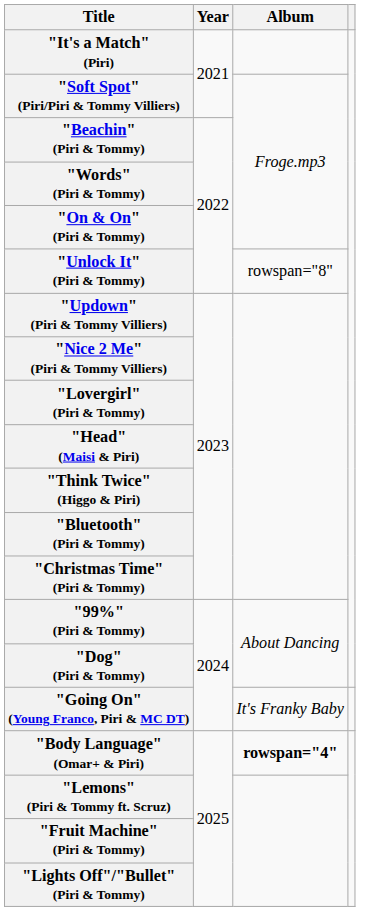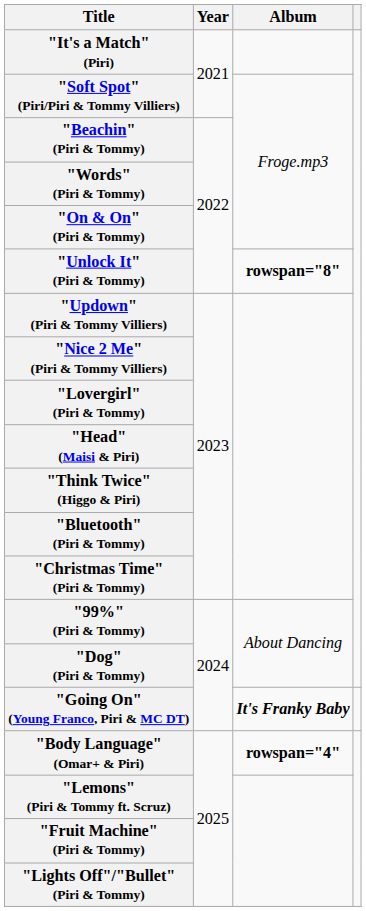 <table class="wikitable plainrowheaders" style="text-align:center;">
 <tr>
 <th scope="col">Title</th>
 <th scope="col">Year</th>
 <th scope="col">Album</th>
 <th scope="col"></th>
 </tr>
 <tr>
 <th scope="row">"It's a Match"<br><small>(Piri)</small></th>
 <td rowspan="2">2021</td>
 <td></td>
 <td rowspan="15"></td>
 </tr>
 <tr>
 <th scope="row">"<a href='#'>Soft Spot</a>"<br><small>(Piri/Piri & Tommy Villiers)</small></th>
 <td rowspan="4"><em>Froge.mp3</em></td>
 </tr>
 <tr>
 <th scope="row">"<a href='#'>Beachin</a>"<br><small>(Piri & Tommy)</small></th>
 <td rowspan="4">2022</td>
 </tr>
 <tr>
 <th scope="row">"Words"<br><small>(Piri & Tommy)</small></th>
 </tr>
 <tr>
 <th scope="row">"<a href='#'>On & On</a>"<br><small>(Piri & Tommy)</small></th>
 </tr>
 <tr>
 <th scope="row">"<a href='#'>Unlock It</a>"<br><small>(Piri & Tommy)</small></th>
-<td>rowspan="8" </td>
+<td><strong>rowspan="8" </strong></td>
 </tr>
 <tr>
 <th scope="row">"<a href='#'>Updown</a>"<br><small>(Piri & Tommy Villiers)</small></th>
 <td rowspan="7">2023</td>
 </tr>
 <tr>
 <th scope="row">"<a href='#'>Nice 2 Me</a>"<br><small>(Piri & Tommy Villiers)</small></th>
 </tr>
 <tr>
 <th scope="row">"Lovergirl"<br><small>(Piri & Tommy)</small></th>
 </tr>
 <tr>
 <th scope="row">"Head"<br><small>(<a href='#'>Maisi</a> & Piri)</small></th>
 </tr>
 <tr>
 <th scope="row">"Think Twice"<br><small>(Higgo & Piri)</small></th>
 </tr>
 <tr>
 <th scope="row">"Bluetooth"<br><small>(Piri & Tommy)</small></th>
 </tr>
 <tr>
 <th scope="row">"Christmas Time"<br><small>(Piri & Tommy)</small></th>
 </tr>
 <tr>
 <th scope="row">"99%"<br><small>(Piri & Tommy)</small></th>
 <td rowspan="3">2024</td>
 <td rowspan="2"><em>About Dancing</em></td>
 </tr>
 <tr>
 <th scope="row">"Dog"<br><small>(Piri & Tommy)</small></th>
 </tr>
 <tr>
 <th scope="row">"Going On"<br><small>(<a href='#'>Young Franco</a>, Piri & <a href='#'>MC DT</a>)</small></th>
-<td><em>It's Franky Baby</em></td>
+<td><strong><em>It's Franky Baby</em></strong></td>
 <td></td>
 </tr>
 <tr>
 <th scope="row">"Body Language"<br><small>(Omar+ & Piri)</small></th>
 <td rowspan="4">2025</td>
 <td><strong>rowspan="4" </strong></td>
 <td rowspan="4"></td>
 </tr>
 <tr>
 <th scope="row">"Lemons"<br><small>(Piri & Tommy ft. Scruz)</small></th>
 </tr>
 <tr>
 <th scope="row">"Fruit Machine"<br><small>(Piri & Tommy)</small></th>
 </tr>
 <tr>
 <th scope="row">"Lights Off"/"Bullet"<br><small>(Piri & Tommy)</small></th>
 </tr>
 </table>
